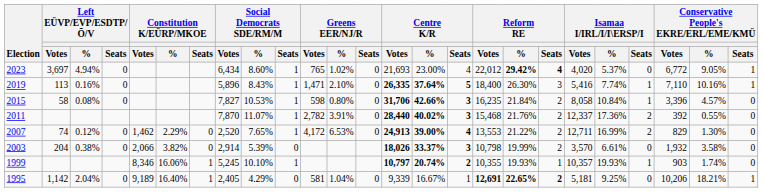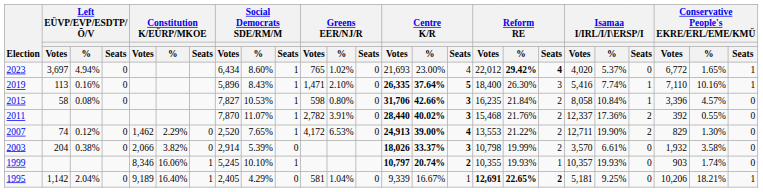 <table class="wikitable" border="1" style="font-size:80%; text-align:right;">
 <tr>
 <th style="text-align:left;" valign=bottom rowspan=3>Election</th>
 <th valign=bottom colspan=3><a href='#'>Left</a><br>EÜVP/EVP/ESDTP/Õ/V</th>
 <th valign=bottom colspan=3><a href='#'>Constitution</a><br>K/EÜRP/MKOE</th>
 <th valign=bottom colspan=3><a href='#'>Social<br>Democrats</a><br>SDE/RM/M</th>
 <th valign=bottom colspan=3><a href='#'>Greens</a><br>EER/NJ/R</th>
 <th valign=bottom colspan=3><a href='#'>Centre</a><br>K/R</th>
 <th valign=bottom colspan=3><a href='#'>Reform</a><br>RE</th>
 <th valign=bottom colspan=3><a href='#'>Isamaa</a><br>I/IRL/I/I\ERSP/I</th>
 <th valign=bottom colspan=3><a href='#'>Conservative<br>People's</a><br>EKRE/ERL/EME/KMÜ</th>
 </tr>
 <tr>
 <th colspan=3 style="background:"></th>
 <th colspan=3 style="background:"></th>
 <th colspan=3 style="background:"></th>
 <th colspan=3 style="background:"></th>
 <th colspan=3 style="background:"></th>
 <th colspan=3 style="background:"></th>
 <th colspan=3 style="background:"></th>
 <th colspan=3 style="background:"></th>
 </tr>
 <tr>
 <th>Votes</th>
 <th>%</th>
 <th>Seats</th>
 <th>Votes</th>
 <th>%</th>
 <th>Seats</th>
 <th>Votes</th>
 <th>%</th>
 <th>Seats</th>
 <th>Votes</th>
 <th>%</th>
 <th>Seats</th>
 <th>Votes</th>
 <th>%</th>
 <th>Seats</th>
 <th>Votes</th>
 <th>%</th>
 <th>Seats</th>
 <th>Votes</th>
 <th>%</th>
 <th>Seats</th>
 <th>Votes</th>
 <th>%</th>
 <th>Seats</th>
 </tr>
 <tr>
 <td align=left><a href='#'>2023</a></td>
 <td>3,697</td>
 <td>4.94%</td>
 <td>0</td>
 <td></td>
 <td></td>
 <td></td>
 <td>6,434</td>
 <td>8.60%</td>
 <td>1</td>
 <td>765</td>
 <td>1.02%</td>
 <td>0</td>
 <td>21,693</td>
 <td>23.00%</td>
 <td>4</td>
 <td>22,012</td>
 <td><strong>29.42%</strong></td>
 <td><strong>4</strong></td>
 <td>4,020</td>
 <td>5.37%</td>
 <td>0</td>
 <td>6,772</td>
-<td>9.05%</td>
+<td>1.65%</td>
 <td>1</td>
 </tr>
 <tr>
 <td align=left><a href='#'>2019</a></td>
 <td>113</td>
 <td>0.16%</td>
 <td>0</td>
 <td></td>
 <td></td>
 <td></td>
 <td>5,896</td>
 <td>8.43%</td>
 <td>1</td>
 <td>1,471</td>
 <td>2.10%</td>
 <td>0</td>
 <td><strong>26,335</strong></td>
 <td><strong>37.64%</strong></td>
 <td><strong>5</strong></td>
 <td>18,400</td>
 <td>26.30%</td>
 <td>3</td>
 <td>5,416</td>
 <td>7.74%</td>
 <td>1</td>
 <td>7,110</td>
 <td>10.16%</td>
 <td>1</td>
 </tr>
 <tr>
 <td align=left><a href='#'>2015</a></td>
 <td>58</td>
 <td>0.08%</td>
 <td>0</td>
 <td></td>
 <td></td>
 <td></td>
 <td>7,827</td>
 <td>10.53%</td>
 <td>1</td>
 <td>598</td>
 <td>0.80%</td>
 <td>0</td>
 <td><strong>31,706</strong></td>
 <td><strong>42.66%</strong></td>
 <td><strong>3</strong></td>
 <td>16,235</td>
 <td>21.84%</td>
 <td>2</td>
 <td>8,058</td>
 <td>10.84%</td>
 <td>1</td>
 <td>3,396</td>
 <td>4.57%</td>
 <td>0</td>
 </tr>
 <tr>
 <td align=left><a href='#'>2011</a></td>
 <td></td>
 <td></td>
 <td></td>
 <td></td>
 <td></td>
 <td></td>
 <td>7,870</td>
 <td>11.07%</td>
 <td>1</td>
 <td>2,782</td>
 <td>3.91%</td>
 <td>0</td>
 <td><strong>28,440</strong></td>
 <td><strong>40.02%</strong></td>
 <td><strong>3</strong></td>
 <td>15,468</td>
 <td>21.76%</td>
 <td>2</td>
 <td>12,337</td>
 <td>17.36%</td>
 <td>2</td>
 <td>392</td>
 <td>0.55%</td>
 <td>0</td>
 </tr>
 <tr>
 <td align=left><a href='#'>2007</a></td>
 <td>74</td>
 <td>0.12%</td>
 <td>0</td>
 <td>1,462</td>
 <td>2.29%</td>
 <td>0</td>
 <td>2,520</td>
 <td>7.65%</td>
 <td>1</td>
 <td>4,172</td>
 <td>6.53%</td>
 <td>0</td>
 <td><strong>24,913</strong></td>
 <td><strong>39.00%</strong></td>
 <td><strong>4</strong></td>
 <td>13,553</td>
 <td>21.22%</td>
 <td>2</td>
 <td>12,711</td>
-<td>16.99%</td>
+<td>19.90%</td>
 <td>2</td>
 <td>829</td>
 <td>1.30%</td>
 <td>0</td>
 </tr>
 <tr>
 <td align=left><a href='#'>2003</a></td>
 <td>204</td>
 <td>0.38%</td>
 <td>0</td>
 <td>2,066</td>
 <td>3.82%</td>
 <td>0</td>
 <td>2,914</td>
 <td>5.39%</td>
 <td>0</td>
 <td></td>
 <td></td>
 <td></td>
 <td><strong>18,026</strong></td>
 <td><strong>33.37%</strong></td>
 <td><strong>3</strong></td>
 <td>10,798</td>
 <td>19.99%</td>
 <td>2</td>
 <td>3,570</td>
 <td>6.61%</td>
 <td>0</td>
 <td>1,932</td>
 <td>3.58%</td>
 <td>0</td>
 </tr>
 <tr>
 <td align=left><a href='#'>1999</a></td>
 <td></td>
 <td></td>
 <td></td>
 <td>8,346</td>
 <td>16.06%</td>
 <td>1</td>
 <td>5,245</td>
 <td>10.10%</td>
 <td>1</td>
 <td></td>
 <td></td>
 <td></td>
 <td><strong>10,797</strong></td>
 <td><strong>20.74%</strong></td>
 <td><strong>2</strong></td>
 <td>10,355</td>
 <td>19.93%</td>
 <td>1</td>
 <td>10,357</td>
 <td>19.93%</td>
-<td>1</td>
+<td>0</td>
 <td>903</td>
 <td>1.74%</td>
 <td>0</td>
 </tr>
 <tr>
 <td align=left><a href='#'>1995</a></td>
 <td>1,142</td>
 <td>2.04%</td>
 <td>0</td>
 <td>9,189</td>
 <td>16.40%</td>
 <td>1</td>
 <td>2,405</td>
 <td>4.29%</td>
 <td>0</td>
 <td>581</td>
 <td>1.04%</td>
 <td>0</td>
 <td>9,339</td>
 <td>16.67%</td>
 <td>1</td>
 <td><strong>12,691</strong></td>
 <td><strong>22.65%</strong></td>
 <td><strong>2</strong></td>
 <td>5,181</td>
 <td>9.25%</td>
 <td>0</td>
 <td>10,206</td>
 <td>18.21%</td>
 <td>1</td>
 </tr>
 </table>
